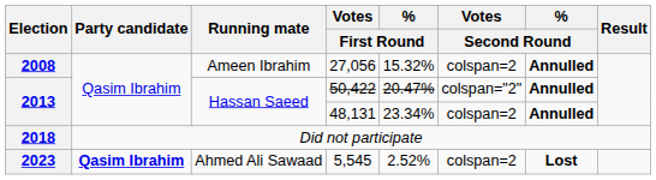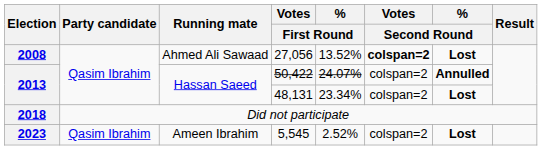 <table class=wikitable style=text-align:center>
 <tr>
 <th rowspan="2"><strong>Election</strong></th>
 <th rowspan="2"><strong>Party candidate</strong></th>
 <th rowspan="2"><strong>Running mate</strong></th>
 <th><strong>Votes</strong></th>
 <th><strong>%</strong></th>
 <th><strong>Votes</strong></th>
 <th><strong>%</strong></th>
 <th rowspan="2"><strong>Result</strong></th>
 </tr>
 <tr>
 <th colspan="2">First Round</th>
 <th colspan="2">Second Round</th>
 </tr>
 <tr>
 <th><a href='#'>2008</a></th>
 <td rowspan="3"><a href='#'>Qasim Ibrahim</a></td>
-<td>Ameen Ibrahim</td>
+<td>Ahmed Ali Sawaad</td>
 <td>27,056</td>
-<td>15.32%</td>
-<td>colspan=2 </td>
-<td><strong>Annulled</strong> </td>
+<td>13.52%</td>
+<td><strong>colspan=2 </strong></td>
+<td><strong>Lost</strong> </td>
 </tr>
 <tr>
 <th rowspan="2"><a href='#'>2013</a></th>
 <td rowspan="2"><a href='#'>Hassan Saeed</a></td>
 <td><s>50,422</s></td>
-<td><s>20.47%</s></td>
-<td>colspan="2" </td>
+<td><s>24.07%</s></td>
+<td>colspan=2 </td>
 <td><strong>Annulled</strong> </td>
 </tr>
 <tr>
 <td>48,131</td>
 <td>23.34%</td>
 <td>colspan=2 </td>
-<td><strong>Annulled</strong> </td>
+<td><strong>Lost</strong> </td>
 </tr>
 <tr>
 <th><a href='#'>2018</a></th>
 <td colspan=7><em>Did not participate</em></td>
 </tr>
 <tr>
 <th><a href='#'>2023</a></th>
-<td><strong><a href='#'>Qasim Ibrahim</a></strong></td>
-<td>Ahmed Ali Sawaad</td>
+<td><a href='#'>Qasim Ibrahim</a></td>
+<td>Ameen Ibrahim</td>
 <td>5,545</td>
 <td>2.52%</td>
 <td>colspan=2 </td>
 <td><strong>Lost</strong> </td>
 </tr>
 </table>
